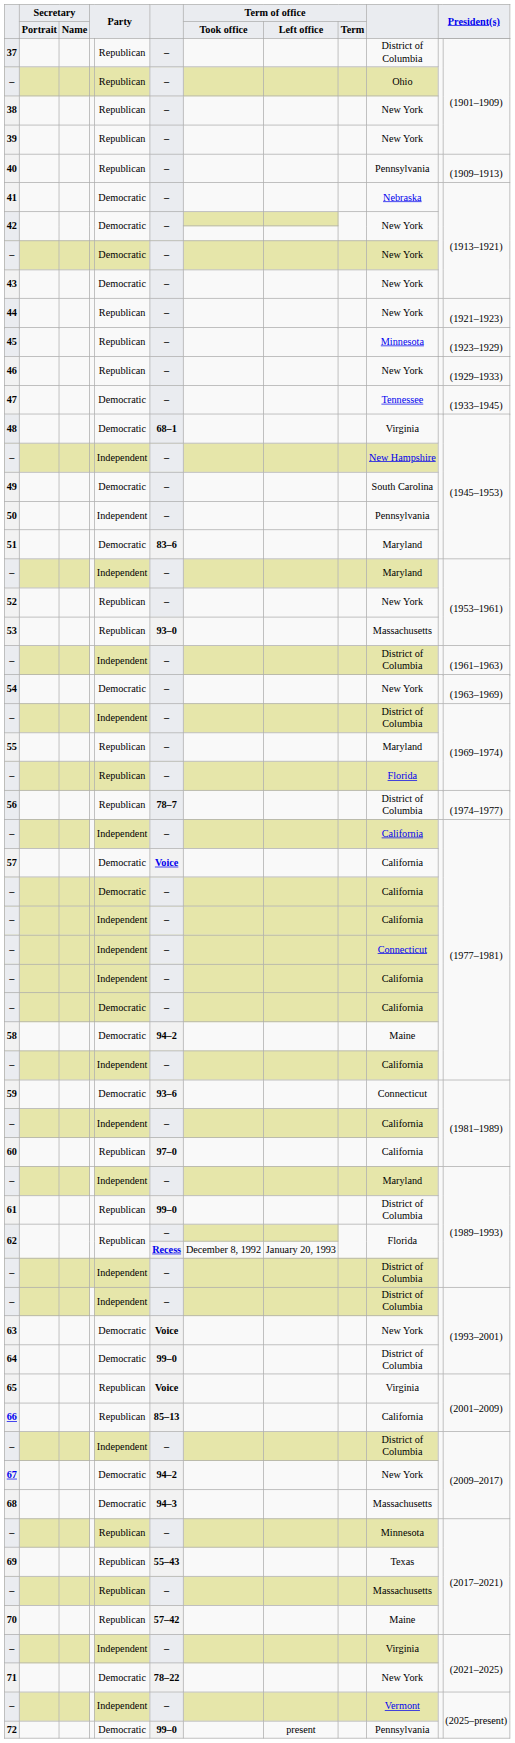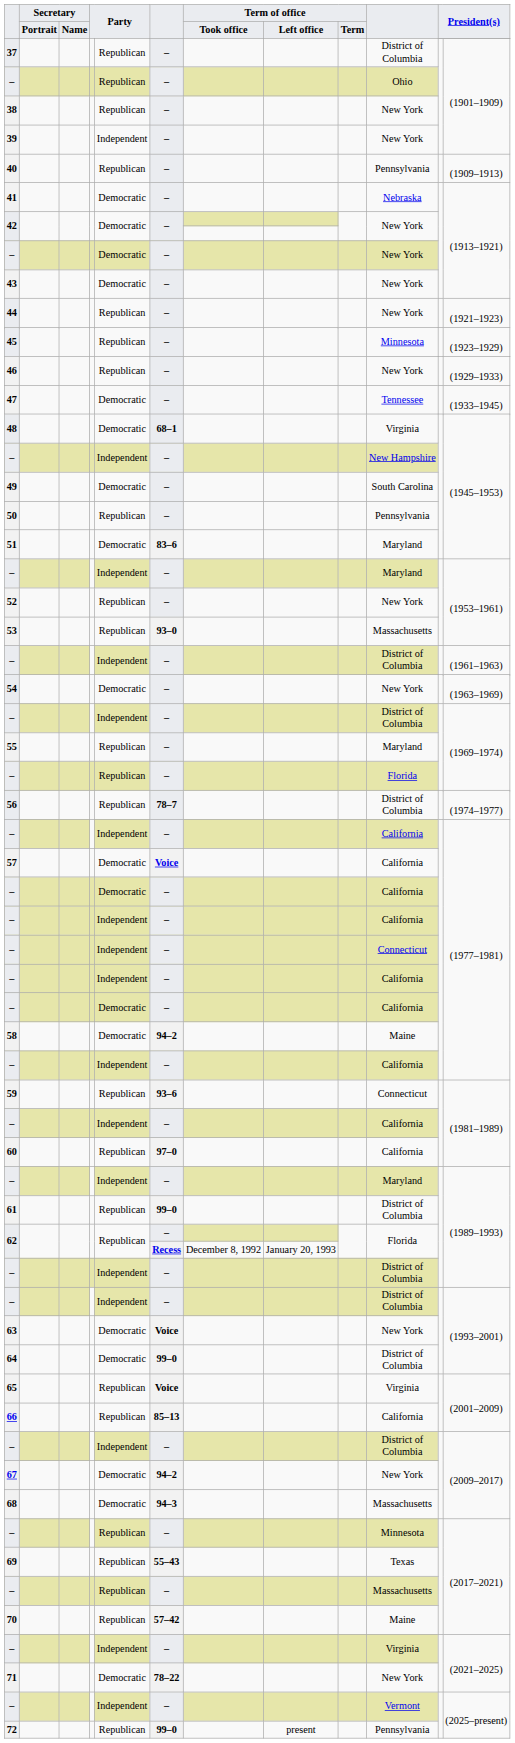 <table class="wikitable sortable" style="font-size: 90%; text-align:center;">
 <tr>
 <th rowspan=2 style="background-color:#EAECF0;"></th>
 <th colspan=2 style="background-color:#EAECF0;">Secretary</th>
 <th rowspan=2 colspan=2 style="background-color:#EAECF0;">Party</th>
 <th rowspan=2 style="background-color:#EAECF0;"><a href='#'></a></th>
 <th colspan=3 style="background-color:#EAECF0;">Term of office</th>
 <th rowspan=2 style="background-color:#EAECF0;"></th>
 <th rowspan=2 colspan=2 style="background-color:#EAECF0;"><a href='#'>President(s)</a></th>
 </tr>
 <tr>
 <th class=unsortable style="background-color:#EAECF0;">Portrait</th>
 <th style="background-color:#EAECF0;">Name</th>
 <th style="background-color:#EAECF0;">Took office</th>
 <th style="background-color:#EAECF0;">Left office</th>
 <th style="background-color:#EAECF0;">Term</th>
 </tr>
 <tr>
 <th rowspan=2 style="background-color:#EAECF0;">37</th>
 <td rowspan=2 data-sort-value="Hay, John"></td>
 <td rowspan=2><strong></strong><br><br></td>
 <td rowspan=2 style="background-color:"></td>
 <td rowspan=2>Republican</td>
 <th rowspan=2 style="background-color:#EAECF0;">–</th>
 <td rowspan=2></td>
 <td rowspan=2></td>
 <td rowspan=2></td>
 <td rowspan=2>District of<br>Columbia</td>
 </tr>
 <tr>
 <td rowspan=4 style="background-color:"></td>
 <td rowspan=4><br>(1901–1909)</td>
 </tr>
 <tr style="background-color:#E6E6AA;">
 <th style="background-color:#EAECF0;">–</th>
 <td data-sort-value="Loomis, Francis B."></td>
 <td><strong></strong><br><br></td>
 <td style="background-color:"></td>
 <td>Republican</td>
 <th style="background-color:#EAECF0;">–</th>
 <td></td>
 <td></td>
 <td></td>
 <td>Ohio</td>
 </tr>
 <tr>
 <th>38</th>
 <td data-sort-value="Root, Elihu"></td>
 <td><strong></strong><br><br></td>
 <td style="background-color:"></td>
 <td>Republican</td>
 <th style="background-color:#EAECF0;">–</th>
 <td></td>
 <td></td>
 <td></td>
 <td>New York</td>
 </tr>
 <tr>
 <th>39</th>
 <td data-sort-value="Bacon, Robert"></td>
 <td><strong></strong><br><br></td>
 <td style="background-color:"></td>
-<td>Republican</td>
+<td>Independent</td>
 <th style="background-color:#EAECF0;">–</th>
 <td></td>
 <td></td>
 <td></td>
 <td>New York</td>
 </tr>
 <tr>
 <th>40</th>
 <td data-sort-value="Knox, Philander C."></td>
 <td><strong></strong><br><br></td>
 <td style="background-color:"></td>
 <td>Republican</td>
 <th style="background-color:#EAECF0;">–</th>
 <td></td>
 <td></td>
 <td></td>
 <td>Pennsylvania</td>
 <td style="background-color:"></td>
 <td><br>(1909–1913)</td>
 </tr>
 <tr>
 <th>41</th>
 <td data-sort-value="Bryan, William Jennings"></td>
 <td><strong></strong><br><br></td>
 <td style="background-color:"></td>
 <td>Democratic</td>
 <th style="background-color:#EAECF0;">–</th>
 <td></td>
 <td></td>
 <td></td>
 <td><a href='#'>Nebraska</a></td>
 <td rowspan=5 style="background-color:"></td>
 <td rowspan=5><br>(1913–1921)</td>
 </tr>
 <tr>
 <th rowspan=2 style="background-color:#EAECF0;">42</th>
 <td rowspan=2 data-sort-value="Lansing, Robert"></td>
 <td rowspan=2><strong></strong><br><br></td>
 <td rowspan=2 style="background-color:"></td>
 <td rowspan=2>Democratic</td>
 <th rowspan=2 style="background-color:#EAECF0;">–</th>
 <td style="background-color:#E6E6AA;"></td>
 <td style="background-color:#E6E6AA;"></td>
 <td rowspan=2></td>
 <td rowspan=2>New York</td>
 </tr>
 <tr>
 <td></td>
 <td></td>
 </tr>
 <tr style="background-color:#E6E6AA;">
 <th style="background-color:#EAECF0;">–</th>
 <td data-sort-value="Polk, Frank"></td>
 <td><strong></strong><br><br></td>
 <td style="background-color:"></td>
 <td>Democratic</td>
 <th style="background-color:#EAECF0;">–</th>
 <td></td>
 <td></td>
 <td></td>
 <td>New York</td>
 </tr>
 <tr>
 <th>43</th>
 <td data-sort-value="Colby, Bainbridge"></td>
 <td><strong></strong><br><br></td>
 <td style="background-color:"></td>
 <td>Democratic</td>
 <th style="background-color:#EAECF0;">–</th>
 <td></td>
 <td></td>
 <td></td>
 <td>New York</td>
 </tr>
 <tr>
 <th rowspan=2 style="background-color:#EAECF0;">44</th>
 <td rowspan=2 data-sort-value="Hughes, Charles Evans "></td>
 <td rowspan=2><strong></strong><br><br></td>
 <td rowspan=2 style="background-color:"></td>
 <td rowspan=2>Republican</td>
 <th rowspan=2 style="background-color:#EAECF0;">–</th>
 <td rowspan=2></td>
 <td rowspan=2></td>
 <td rowspan=2></td>
 <td rowspan=2>New York</td>
 <td style="background-color:"></td>
 <td><br>(1921–1923)</td>
 </tr>
 <tr>
 <td rowspan=2 style="background-color:"></td>
 <td rowspan=2><br>(1923–1929)</td>
 </tr>
 <tr>
 <th rowspan=2 style="background-color:#EAECF0;">45</th>
 <td rowspan=2 data-sort-value="Kellogg, Frank B."></td>
 <td rowspan=2><strong></strong><br><br></td>
 <td rowspan=2 style="background-color:"></td>
 <td rowspan=2>Republican</td>
 <th rowspan=2 style="background-color:#EAECF0;">–</th>
 <td rowspan=2></td>
 <td rowspan=2></td>
 <td rowspan=2></td>
 <td rowspan=2><a href='#'>Minnesota</a></td>
 </tr>
 <tr>
 <td rowspan=2 style="background-color:"></td>
 <td rowspan=2><br>(1929–1933)</td>
 </tr>
 <tr>
 <th>46</th>
 <td data-sort-value="Stimson, Henry L."></td>
 <td><strong></strong><br><br></td>
 <td style="background-color:"></td>
 <td>Republican</td>
 <th style="background-color:#EAECF0;">–</th>
 <td></td>
 <td></td>
 <td></td>
 <td>New York</td>
 </tr>
 <tr>
 <th>47</th>
 <td data-sort-value="Hull, Cordell"></td>
 <td><strong></strong><br><br></td>
 <td style="background-color:"></td>
 <td>Democratic</td>
 <th style="background-color:#EAECF0;">–</th>
 <td></td>
 <td></td>
 <td></td>
 <td><a href='#'>Tennessee</a></td>
 <td rowspan=2 style="background-color:"></td>
 <td rowspan=2><br>(1933–1945)</td>
 </tr>
 <tr>
 <th rowspan=2 style="background-color:#EAECF0;">48</th>
 <td rowspan=2 data-sort-value="Stettinius Jr.,Edward"></td>
 <td rowspan=2><strong></strong><br><br></td>
 <td rowspan=2 style="background-color:"></td>
 <td rowspan=2>Democratic</td>
 <th rowspan=2 style="background-color:#EAECF0;">68–1</th>
 <td rowspan=2></td>
 <td rowspan=2></td>
 <td rowspan=2></td>
 <td rowspan=2>Virginia</td>
 </tr>
 <tr>
 <td rowspan=5 style="background-color:"></td>
 <td rowspan=5><br>(1945–1953)</td>
 </tr>
 <tr style="background-color:#E6E6AA;">
 <th style="background-color:#EAECF0;">–</th>
 <td data-sort-value="Grew, Joseph"></td>
 <td><strong></strong><br><br></td>
 <td style="background-color:"></td>
 <td>Independent</td>
 <th style="background-color:#EAECF0;">–</th>
 <td></td>
 <td></td>
 <td></td>
 <td><a href='#'>New Hampshire</a></td>
 </tr>
 <tr>
 <th>49</th>
 <td data-sort-value="Byrnes, James F."></td>
 <td><strong></strong><br><br></td>
 <td style="background-color:"></td>
 <td>Democratic</td>
 <th style="background-color:#EAECF0;">–</th>
 <td></td>
 <td></td>
 <td></td>
 <td>South Carolina</td>
 </tr>
 <tr>
 <th>50</th>
 <td data-sort-value="Marshall, George C."></td>
 <td><strong></strong><br><br></td>
 <td style="background-color:"></td>
-<td>Independent</td>
+<td>Republican</td>
 <th style="background-color:#EAECF0;">–</th>
 <td></td>
 <td></td>
 <td></td>
 <td>Pennsylvania</td>
 </tr>
 <tr>
 <th>51</th>
 <td data-sort-value="Acheson, Dean"></td>
 <td><strong></strong><br><br></td>
 <td style="background-color:"></td>
 <td>Democratic</td>
 <th>83–6</th>
 <td></td>
 <td></td>
 <td></td>
 <td>Maryland</td>
 </tr>
 <tr>
 <th style="background-color:#EAECF0;">–</th>
 <td style="background-color:#E6E6AA;" data-sort-value="Matthews, H. Freeman"></td>
 <td style="background-color:#E6E6AA;"><strong></strong><br><br></td>
 <td style="background-color:"></td>
 <td style="background-color:#E6E6AA;">Independent</td>
 <th style="background-color:#EAECF0;">–</th>
 <td style="background-color:#E6E6AA;"></td>
 <td style="background-color:#E6E6AA;"></td>
 <td style="background-color:#E6E6AA;"></td>
 <td style="background-color:#E6E6AA;">Maryland</td>
 <td rowspan=3 style="background-color:"></td>
 <td rowspan=3><br>(1953–1961)</td>
 </tr>
 <tr>
 <th>52</th>
 <td data-sort-value="Dulles, John Foster"></td>
 <td><strong></strong><br><br></td>
 <td style="background-color:"></td>
 <td>Republican</td>
 <th style="background-color:#EAECF0;">–</th>
 <td></td>
 <td></td>
 <td></td>
 <td>New York</td>
 </tr>
 <tr>
 <th>53</th>
 <td data-sort-value="Herter, Christian"></td>
 <td><strong></strong><br><br></td>
 <td style="background-color:"></td>
 <td>Republican</td>
 <th>93–0</th>
 <td></td>
 <td></td>
 <td></td>
 <td>Massachusetts</td>
 </tr>
 <tr>
 <th style="background-color:#EAECF0;">–</th>
 <td style="background-color:#E6E6AA;" data-sort-value="Merchant, Livingston T."></td>
 <td style="background-color:#E6E6AA;"><strong></strong><br><br></td>
 <td style="background-color:"></td>
 <td style="background-color:#E6E6AA;">Independent</td>
 <th style="background-color:#EAECF0;">–</th>
 <td style="background-color:#E6E6AA;"></td>
 <td style="background-color:#E6E6AA;"></td>
 <td style="background-color:#E6E6AA;"></td>
 <td style="background-color:#E6E6AA;">District of<br>Columbia</td>
 <td rowspan=2 style="background-color:"></td>
 <td rowspan=2><br>(1961–1963)</td>
 </tr>
 <tr>
 <th rowspan=2 style="background-color:#EAECF0;">54</th>
 <td rowspan=2 data-sort-value="Rusk, Dean"></td>
 <td rowspan=2><strong></strong><br><br></td>
 <td rowspan=2 style="background-color:"></td>
 <td rowspan=2>Democratic</td>
 <th rowspan=2 style="background-color:#EAECF0;">–</th>
 <td rowspan=2></td>
 <td rowspan=2></td>
 <td rowspan=2></td>
 <td rowspan=2>New York</td>
 </tr>
 <tr>
 <td style="background-color:"></td>
 <td><br>(1963–1969)</td>
 </tr>
 <tr>
 <th style="background-color:#EAECF0;">–</th>
 <td style="background-color:#E6E6AA;" data-sort-value="Bohlen, Charles E."></td>
 <td style="background-color:#E6E6AA;"><strong></strong><br><br></td>
 <td style="background-color:"></td>
 <td style="background-color:#E6E6AA;">Independent</td>
 <th style="background-color:#EAECF0;">–</th>
 <td style="background-color:#E6E6AA;"></td>
 <td style="background-color:#E6E6AA;"></td>
 <td style="background-color:#E6E6AA;"></td>
 <td style="background-color:#E6E6AA;">District of<br>Columbia</td>
 <td rowspan=4 style="background-color:"></td>
 <td rowspan=4><br>(1969–1974)</td>
 </tr>
 <tr>
 <th>55</th>
 <td data-sort-value="Rogers, William P."></td>
 <td><strong></strong><br><br></td>
 <td style="background-color:"></td>
 <td>Republican</td>
 <th style="background-color:#EAECF0;">–</th>
 <td></td>
 <td></td>
 <td></td>
 <td>Maryland</td>
 </tr>
 <tr style="background-color:#E6E6AA;">
 <th style="background-color:#EAECF0;">–</th>
 <td data-sort-value="Rush, Kenneth"></td>
 <td><strong></strong><br><br></td>
 <td style="background-color:"></td>
 <td>Republican</td>
 <th style="background-color:#EAECF0;">–</th>
 <td></td>
 <td></td>
 <td></td>
 <td><a href='#'>Florida</a></td>
 </tr>
 <tr>
 <th rowspan=2 style="background-color:#EAECF0;">56</th>
 <td rowspan=2 data-sort-value="Kissinger, Henry"></td>
 <td rowspan=2><strong></strong><br><br></td>
 <td rowspan=2 style="background-color:"></td>
 <td rowspan=2>Republican</td>
 <th rowspan=2 style="background-color:#EAECF0;">78–7</th>
 <td rowspan=2></td>
 <td rowspan=2></td>
 <td rowspan=2></td>
 <td rowspan=2>District of<br>Columbia</td>
 </tr>
 <tr>
 <td style="background-color:"></td>
 <td><br>(1974–1977)</td>
 </tr>
 <tr>
 <th style="background-color:#EAECF0;">–</th>
 <td style="background-color:#E6E6AA;" data-sort-value="Habib, Philip"></td>
 <td style="background-color:#E6E6AA;"><strong></strong><br><br></td>
 <td style="background-color:"></td>
 <td style="background-color:#E6E6AA;">Independent</td>
 <th style="background-color:#EAECF0;">–</th>
 <td style="background-color:#E6E6AA;"></td>
 <td style="background-color:#E6E6AA;"></td>
 <td style="background-color:#E6E6AA;"></td>
 <td style="background-color:#E6E6AA;"><a href='#'>California</a></td>
 <td rowspan=9 style="background-color:"></td>
 <td rowspan=9><br>(1977–1981)</td>
 </tr>
 <tr>
 <th>57</th>
 <td data-sort-value="Vance, Cyrus"></td>
 <td><strong></strong><br><br></td>
 <td style="background-color:"></td>
 <td>Democratic</td>
 <th><a href='#'>Voice</a></th>
 <td></td>
 <td></td>
 <td></td>
 <td>California</td>
 </tr>
 <tr style="background-color:#E6E6AA;">
 <th style="background-color:#EAECF0;">–</th>
 <td data-sort-value="Christopher, Warren"></td>
 <td><strong></strong><br><br></td>
 <td style="background-color:"></td>
 <td>Democratic</td>
 <th style="background-color:#EAECF0;">–</th>
 <td></td>
 <td></td>
 <td></td>
 <td>California</td>
 </tr>
 <tr style="background-color:#E6E6AA;">
 <th style="background-color:#EAECF0;">–</th>
 <td data-sort-value="Newsom, David D."></td>
 <td><strong></strong><br><br></td>
 <td style="background-color:"></td>
 <td>Independent</td>
 <th style="background-color:#EAECF0;">–</th>
 <td></td>
 <td></td>
 <td></td>
 <td>California</td>
 </tr>
 <tr style="background-color:#E6E6AA;">
 <th style="background-color:#EAECF0;">–</th>
 <td data-sort-value="Cooper, Richard N."></td>
 <td><strong></strong><br><br></td>
 <td style="background-color:"></td>
 <td>Independent</td>
 <th style="background-color:#EAECF0;">–</th>
 <td></td>
 <td></td>
 <td></td>
 <td><a href='#'>Connecticut</a></td>
 </tr>
 <tr style="background-color:#E6E6AA;">
 <th style="background-color:#EAECF0;">–</th>
 <td data-sort-value="Newsom, David D."></td>
 <td><strong></strong><br><br></td>
 <td style="background-color:"></td>
 <td>Independent</td>
 <th style="background-color:#EAECF0;">–</th>
 <td></td>
 <td></td>
 <td></td>
 <td>California</td>
 </tr>
 <tr style="background-color:#E6E6AA;">
 <th style="background-color:#EAECF0;">–</th>
 <td data-sort-value="Christopher, Warren"></td>
 <td><strong></strong><br><br></td>
 <td style="background-color:"></td>
 <td>Democratic</td>
 <th style="background-color:#EAECF0;">–</th>
 <td></td>
 <td></td>
 <td></td>
 <td>California</td>
 </tr>
 <tr>
 <th>58</th>
 <td data-sort-value="Muskie, Edmund"></td>
 <td><strong></strong><br><br></td>
 <td style="background-color:"></td>
 <td>Democratic</td>
 <th>94–2</th>
 <td></td>
 <td></td>
 <td></td>
 <td>Maine</td>
 </tr>
 <tr style="background-color:#E6E6AA;">
 <th style="background-color:#EAECF0;">–</th>
 <td data-sort-value="Newsom, David D."></td>
 <td><strong></strong><br><br></td>
 <td style="background-color:"></td>
 <td>Independent</td>
 <th style="background-color:#EAECF0;">–</th>
 <td></td>
 <td></td>
 <td></td>
 <td>California</td>
 </tr>
 <tr>
 <th>59</th>
 <td data-sort-value="Haig, Alexander"></td>
 <td><strong></strong><br><br></td>
 <td style="background-color:"></td>
-<td>Democratic</td>
+<td>Republican</td>
 <th>93–6</th>
 <td></td>
 <td></td>
 <td></td>
 <td>Connecticut</td>
 <td rowspan=3 style="background-color:"></td>
 <td rowspan=3><br>(1981–1989)</td>
 </tr>
 <tr style="background-color:#E6E6AA;">
 <th style="background-color:#EAECF0;">–</th>
 <td data-sort-value="Stoessel Jr., Walter J."></td>
 <td><strong></strong><br><br></td>
 <td style="background-color:"></td>
 <td>Independent</td>
 <th style="background-color:#EAECF0;">–</th>
 <td></td>
 <td></td>
 <td></td>
 <td>California</td>
 </tr>
 <tr>
 <th>60</th>
 <td data-sort-value="Shultz, George"></td>
 <td><strong></strong><br><br></td>
 <td style="background-color:"></td>
 <td>Republican</td>
 <th>97–0</th>
 <td></td>
 <td></td>
 <td></td>
 <td>California</td>
 </tr>
 <tr>
 <th style="background-color:#EAECF0;">–</th>
 <td style="background-color:#E6E6AA;" data-sort-value="Armacost, Michael"></td>
 <td style="background-color:#E6E6AA;"><strong></strong><br><br></td>
 <td style="background-color:"></td>
 <td style="background-color:#E6E6AA;">Independent</td>
 <th style="background-color:#EAECF0;">–</th>
 <td style="background-color:#E6E6AA;"></td>
 <td style="background-color:#E6E6AA;"></td>
 <td style="background-color:#E6E6AA;"></td>
 <td style="background-color:#E6E6AA;">Maryland</td>
 <td rowspan=5 style="background-color:"></td>
 <td rowspan=5><br>(1989–1993)</td>
 </tr>
 <tr>
 <th>61</th>
 <td data-sort-value="Baker, James"></td>
 <td><strong></strong><br><br></td>
 <td style="background-color:"></td>
 <td>Republican</td>
 <th>99–0</th>
 <td></td>
 <td></td>
 <td></td>
 <td>District of<br>Columbia</td>
 </tr>
 <tr>
 <th rowspan=2 style="background-color:#EAECF0;">62</th>
 <td rowspan=2 data-sort-value="Eagleburger, Lawrence"></td>
 <td rowspan=2><strong></strong><br><br></td>
 <td rowspan=2 style="background-color:"></td>
 <td rowspan=2>Republican</td>
 <th style="background-color:#EAECF0;">–</th>
 <td style="background-color:#E6E6AA;"></td>
 <td style="background-color:#E6E6AA;"></td>
 <td rowspan=2></td>
 <td rowspan=2>Florida</td>
 </tr>
 <tr>
 <th><a href='#'>Recess</a></th>
 <td>December 8, 1992</td>
 <td>January 20, 1993</td>
 </tr>
 <tr style="background-color:#E6E6AA;">
 <th style="background-color:#EAECF0;">–</th>
 <td data-sort-value="Kanter, Arnold"></td>
 <td><strong></strong><br><br></td>
 <td style="background-color:"></td>
 <td>Independent</td>
 <th style="background-color:#EAECF0;">–</th>
 <td></td>
 <td></td>
 <td></td>
 <td>District of<br>Columbia</td>
 </tr>
 <tr>
 <th style="background-color:#EAECF0;">–</th>
 <td style="background-color:#E6E6AA;" data-sort-value="Wisner, Frank G."></td>
 <td style="background-color:#E6E6AA;"><strong></strong><br><br></td>
 <td style="background-color:"></td>
 <td style="background-color:#E6E6AA;">Independent</td>
 <th style="background-color:#EAECF0;">–</th>
 <td style="background-color:#E6E6AA;"></td>
 <td style="background-color:#E6E6AA;"></td>
 <td style="background-color:#E6E6AA;"></td>
 <td style="background-color:#E6E6AA;">District of<br>Columbia</td>
 <td rowspan=3 style="background-color:"></td>
 <td rowspan=3><br>(1993–2001)</td>
 </tr>
 <tr>
 <th>63</th>
 <td data-sort-value="Christopher, Warren"></td>
 <td><strong></strong><br><br></td>
 <td style="background-color:"></td>
 <td>Democratic</td>
 <th>Voice</th>
 <td></td>
 <td></td>
 <td></td>
 <td>New York</td>
 </tr>
 <tr>
 <th>64</th>
 <td data-sort-value="Albright, Madeleine"></td>
 <td><strong></strong><br><br></td>
 <td style="background-color:"></td>
 <td>Democratic</td>
 <th>99–0</th>
 <td></td>
 <td></td>
 <td></td>
 <td>District of<br>Columbia</td>
 </tr>
 <tr>
 <th>65</th>
 <td data-sort-value="Powell, Colin"></td>
 <td><strong></strong><br><br></td>
 <td style="background-color:"></td>
 <td>Republican</td>
 <th>Voice</th>
 <td></td>
 <td></td>
 <td></td>
 <td>Virginia</td>
 <td rowspan=2 style="background-color:"></td>
 <td rowspan=2><br>(2001–2009)</td>
 </tr>
 <tr>
 <th><a href='#'>66</a></th>
 <td data-sort-value="Rice, Condoleezza"></td>
 <td><strong></strong><br><br></td>
 <td style="background-color:"></td>
 <td>Republican</td>
 <th>85–13</th>
 <td></td>
 <td></td>
 <td></td>
 <td>California</td>
 </tr>
 <tr>
 <th style="background-color:#EAECF0;">–</th>
 <td style="background-color:#E6E6AA;" data-sort-value="Burns, William J."></td>
 <td style="background-color:#E6E6AA;"><strong></strong><br><br></td>
 <td style="background-color:"></td>
 <td style="background-color:#E6E6AA;">Independent</td>
 <th style="background-color:#EAECF0;">–</th>
 <td style="background-color:#E6E6AA;"></td>
 <td style="background-color:#E6E6AA;"></td>
 <td style="background-color:#E6E6AA;"></td>
 <td style="background-color:#E6E6AA;">District of<br>Columbia</td>
 <td rowspan=3 style="background-color:"></td>
 <td rowspan=3><br>(2009–2017)</td>
 </tr>
 <tr>
 <th><a href='#'>67</a></th>
 <td data-sort-value="Clinton, Hillary"></td>
 <td><strong></strong><br><br></td>
 <td style="background-color:"></td>
 <td>Democratic</td>
 <th>94–2</th>
 <td></td>
 <td></td>
 <td></td>
 <td>New York</td>
 </tr>
 <tr>
 <th>68</th>
 <td data-sort-value="Kerry, John"></td>
 <td><strong></strong><br><br></td>
 <td style="background-color:"></td>
 <td>Democratic</td>
 <th>94–3</th>
 <td></td>
 <td></td>
 <td></td>
 <td>Massachusetts</td>
 </tr>
 <tr>
 <th style="background-color:#EAECF0;">–</th>
 <td style="background-color:#E6E6AA;" data-sort-value="Shannon Jr., Thomas A."></td>
 <td style="background-color:#E6E6AA;"><strong></strong><br><br></td>
 <td style="background-color:"></td>
 <td style="background-color:#E6E6AA;">Republican</td>
 <th style="background-color:#EAECF0;">–</th>
 <td style="background-color:#E6E6AA;"></td>
 <td style="background-color:#E6E6AA;"></td>
 <td style="background-color:#E6E6AA;"></td>
 <td style="background-color:#E6E6AA;">Minnesota</td>
 <td rowspan=4 style="background-color:"></td>
 <td rowspan=4><br>(2017–2021)</td>
 </tr>
 <tr>
 <th>69</th>
 <td data-sort-value="Tillerson, Rex"></td>
 <td><strong></strong><br><br></td>
 <td style="background-color:"></td>
 <td>Republican</td>
 <th>55–43</th>
 <td></td>
 <td></td>
 <td></td>
 <td>Texas</td>
 </tr>
 <tr style="background-color:#E6E6AA;">
 <th style="background-color:#EAECF0;">–</th>
 <td data-sort-value="Sullivan, John J."></td>
 <td><strong></strong><br><br></td>
 <td style="background-color:"></td>
 <td>Republican</td>
 <th style="background-color:#EAECF0;">–</th>
 <td></td>
 <td></td>
 <td></td>
 <td>Massachusetts</td>
 </tr>
 <tr>
 <th>70</th>
 <td data-sort-value="Pompeo, Mike"></td>
 <td><strong></strong><br><br></td>
 <td style="background-color:"></td>
 <td>Republican</td>
 <th>57–42</th>
 <td></td>
 <td></td>
 <td></td>
 <td>Maine</td>
 </tr>
 <tr>
 <th style="background-color:#EAECF0;">–</th>
 <td style="background-color:#E6E6AA;" data-sort-value="Smith, Daniel Bennett"></td>
 <td style="background-color:#E6E6AA;"><strong></strong><br><br></td>
 <td style="background-color:"></td>
 <td style="background-color:#E6E6AA;">Independent</td>
 <th style="background-color:#EAECF0;">–</th>
 <td style="background-color:#E6E6AA;"></td>
 <td style="background-color:#E6E6AA;"></td>
 <td style="background-color:#E6E6AA;"></td>
 <td style="background-color:#E6E6AA;">Virginia</td>
 <td rowspan=2 style="background-color:"></td>
 <td rowspan=2><br>(2021–2025)</td>
 </tr>
 <tr>
 <th>71</th>
 <td data-sort-value="Blinken, Antony"></td>
 <td><strong></strong><br><br></td>
 <td style="background-color:"></td>
 <td>Democratic</td>
 <th>78–22</th>
 <td></td>
 <td></td>
 <td></td>
 <td>New York</td>
 </tr>
 <tr>
 <th style="background-color:#EAECF0;">–</th>
 <td style="background-color:#E6E6AA;"></td>
 <td style="background-color:#E6E6AA;"><strong></strong><br><br></td>
 <td style="background-color:"></td>
 <td style="background-color:#E6E6AA;">Independent</td>
 <th style="background-color:#EAECF0;">–</th>
 <td style="background-color:#E6E6AA;"></td>
 <td style="background-color:#E6E6AA;"></td>
 <td style="background-color:#E6E6AA;"></td>
 <td style="background-color:#E6E6AA;"><a href='#'>Vermont</a></td>
 <td rowspan=2 style="background-color:"></td>
 <td rowspan=2><br>(2025–present)</td>
 </tr>
 <tr>
 <th>72</th>
 <td data-sort-value="Rubio, Marco"></td>
 <td><strong></strong><br></td>
 <td style="background-color:"></td>
-<td>Democratic</td>
+<td>Republican</td>
 <th>99–0</th>
 <td></td>
 <td>present</td>
 <td></td>
 <td>Pennsylvania</td>
 </tr>
 </table>
